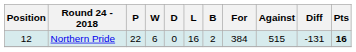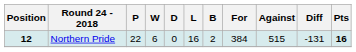 <table class="wikitable" style="text-align:center; font-size:85%;">
 <tr>
 <th width=40 abbr="Position">Position</th>
 <th width=100>Round 24 - 2018</th>
 <th width=20 abbr="Played">P</th>
 <th width=20 abbr="Won">W</th>
 <th width=20 abbr="Drawn">D</th>
 <th width=20 abbr="Lost">L</th>
 <th width=20 abbr="Bye">B</th>
 <th width=40 abbr="Points for">For</th>
 <th width=40 abbr="Points against">Against</th>
 <th width=40 abbr="Points difference">Diff</th>
 <th width=20 abbr="Points">Pts</th>
 </tr>
 <tr style="background: #d7ebed;">
-<td>12</td>
+<td><strong>12</strong></td>
 <td style="text-align:left;"> <a href='#'>Northern Pride</a></td>
 <td>22</td>
 <td>6</td>
 <td>0</td>
 <td>16</td>
 <td>2</td>
 <td>384</td>
 <td>515</td>
 <td>-131</td>
 <td><strong>16</strong></td>
 </tr>
 <tr>
 </tr>
 </table>
